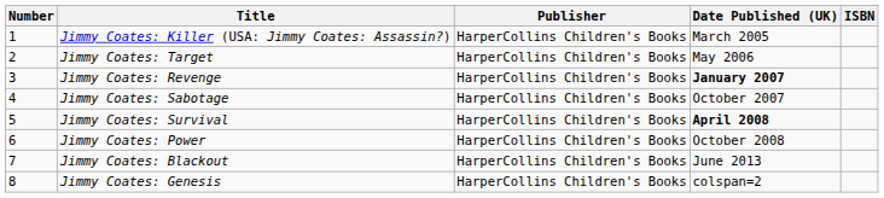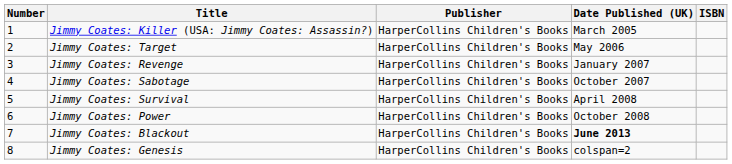 <table class="wikitable" border="1">
 <tr>
 <th>Number</th>
 <th>Title</th>
 <th>Publisher</th>
 <th>Date Published (UK)</th>
 <th>ISBN</th>
 </tr>
 <tr>
 <td>1</td>
 <td><em><a href='#'>Jimmy Coates: Killer</a></em> (USA: <em>Jimmy Coates: Assassin?</em>)</td>
 <td>HarperCollins Children's Books</td>
 <td>March 2005</td>
 <td></td>
 </tr>
 <tr>
 <td>2</td>
 <td><em>Jimmy Coates: Target</em></td>
 <td>HarperCollins Children's Books</td>
 <td>May 2006</td>
 <td></td>
 </tr>
 <tr>
 <td>3</td>
 <td><em>Jimmy Coates: Revenge</em></td>
 <td>HarperCollins Children's Books</td>
-<td><strong>January 2007</strong></td>
+<td>January 2007</td>
 <td></td>
 </tr>
 <tr>
 <td>4</td>
 <td><em>Jimmy Coates: Sabotage</em></td>
 <td>HarperCollins Children's Books</td>
 <td>October 2007</td>
 <td></td>
 </tr>
 <tr>
 <td>5</td>
 <td><em>Jimmy Coates: Survival</em></td>
 <td>HarperCollins Children's Books</td>
-<td><strong>April 2008</strong></td>
+<td>April 2008</td>
 <td></td>
 </tr>
 <tr>
 <td>6</td>
 <td><em>Jimmy Coates: Power</em></td>
 <td>HarperCollins Children's Books</td>
 <td>October 2008</td>
 <td></td>
 </tr>
 <tr>
 <td>7</td>
 <td><em>Jimmy Coates: Blackout</em></td>
 <td>HarperCollins Children's Books</td>
-<td>June 2013</td>
+<td><strong>June 2013</strong></td>
 <td></td>
 </tr>
 <tr>
 <td>8</td>
 <td><em>Jimmy Coates: Genesis</em></td>
 <td>HarperCollins Children's Books</td>
 <td>colspan=2 </td>
 </tr>
 </table>
